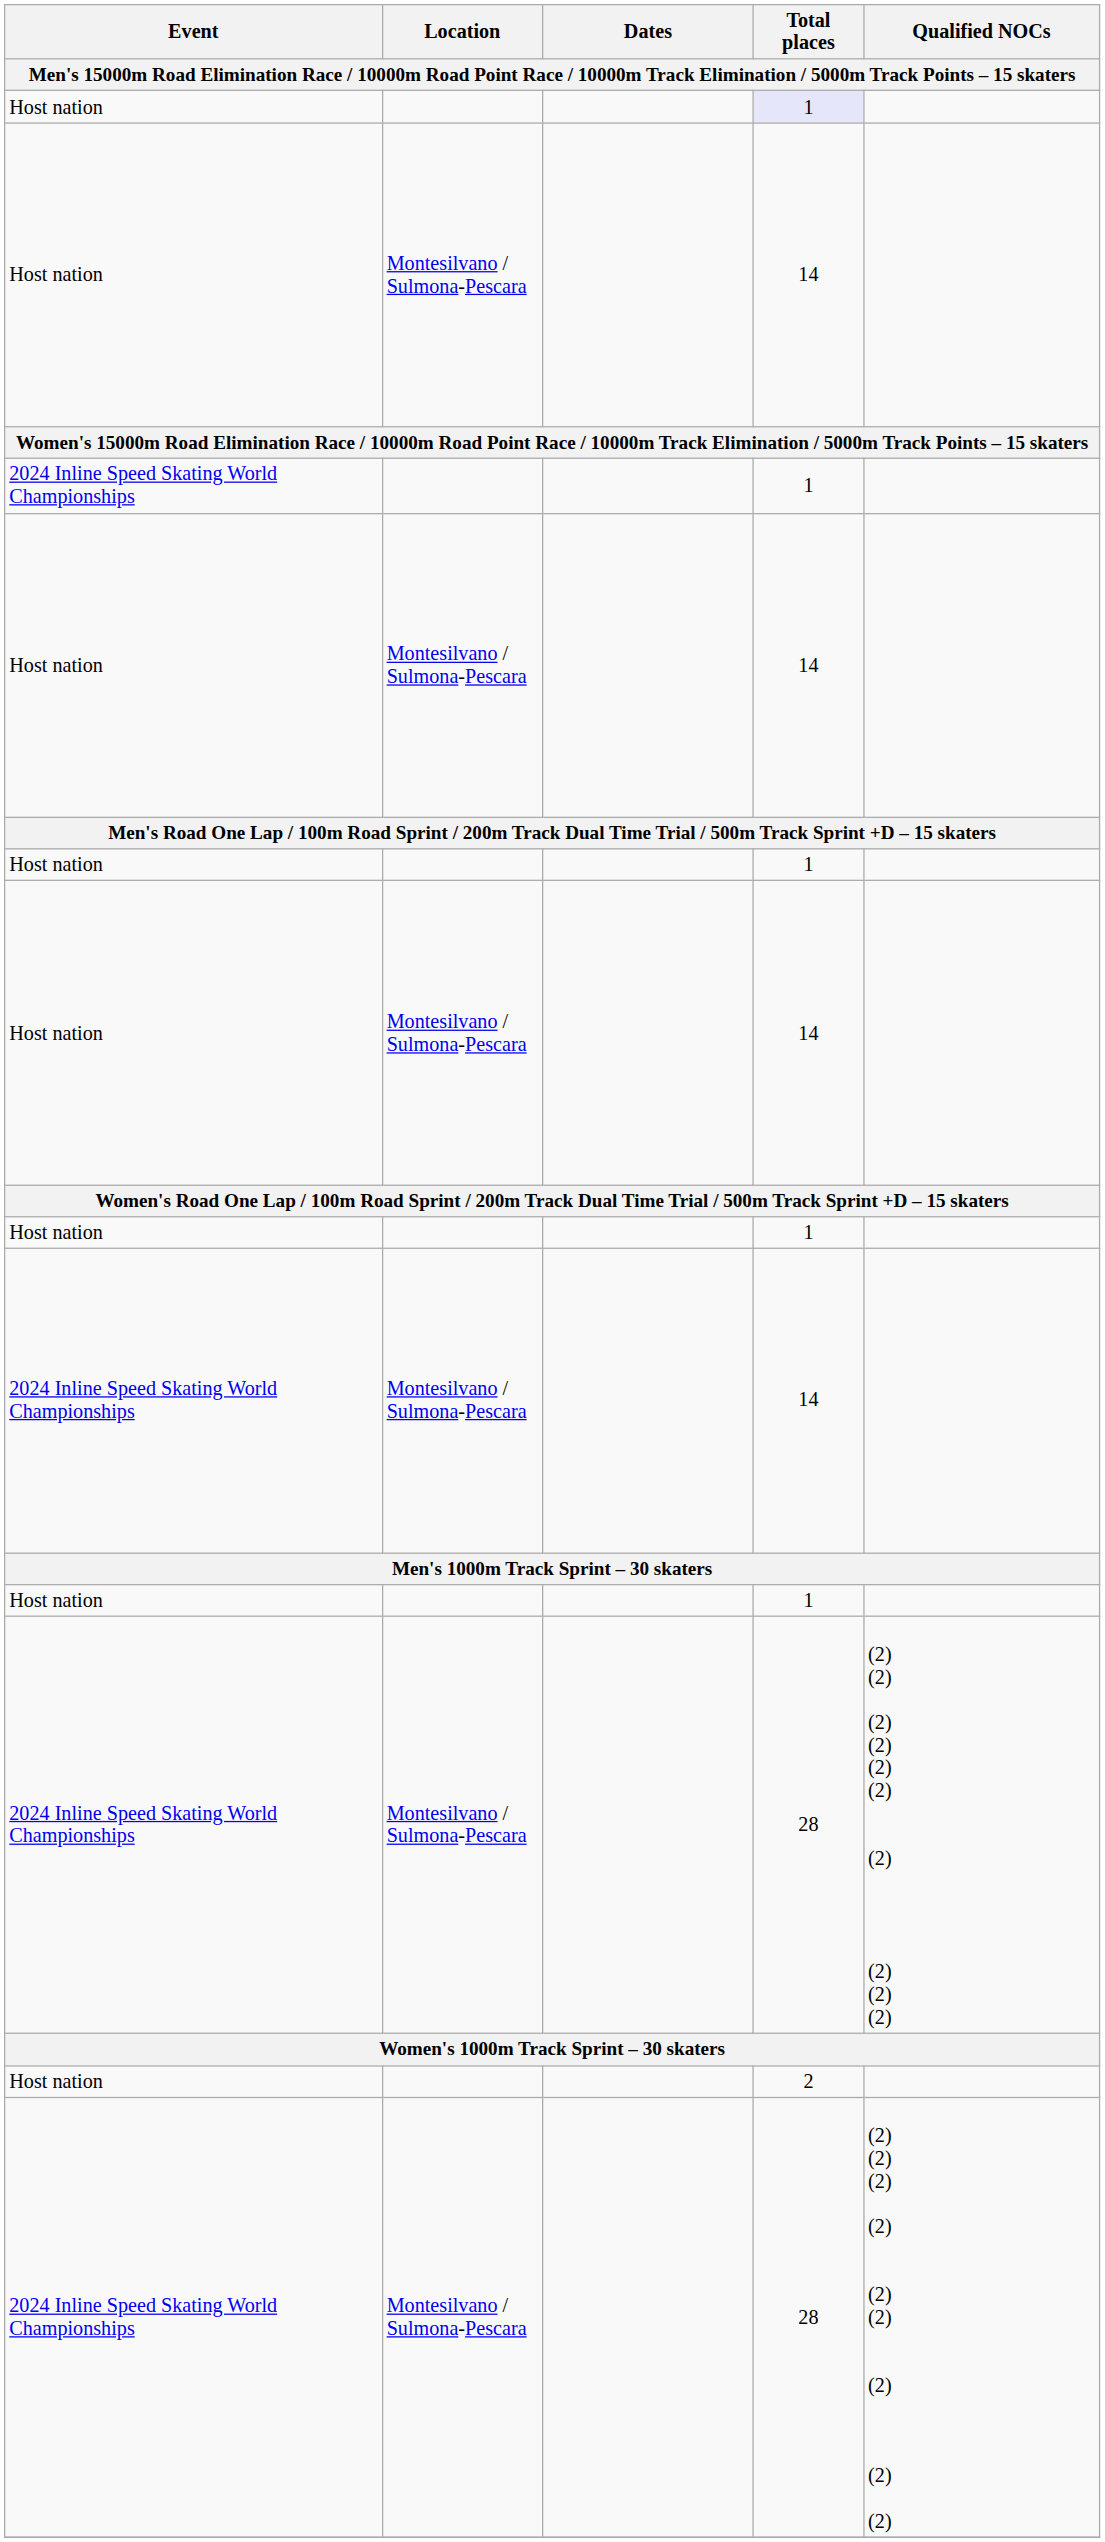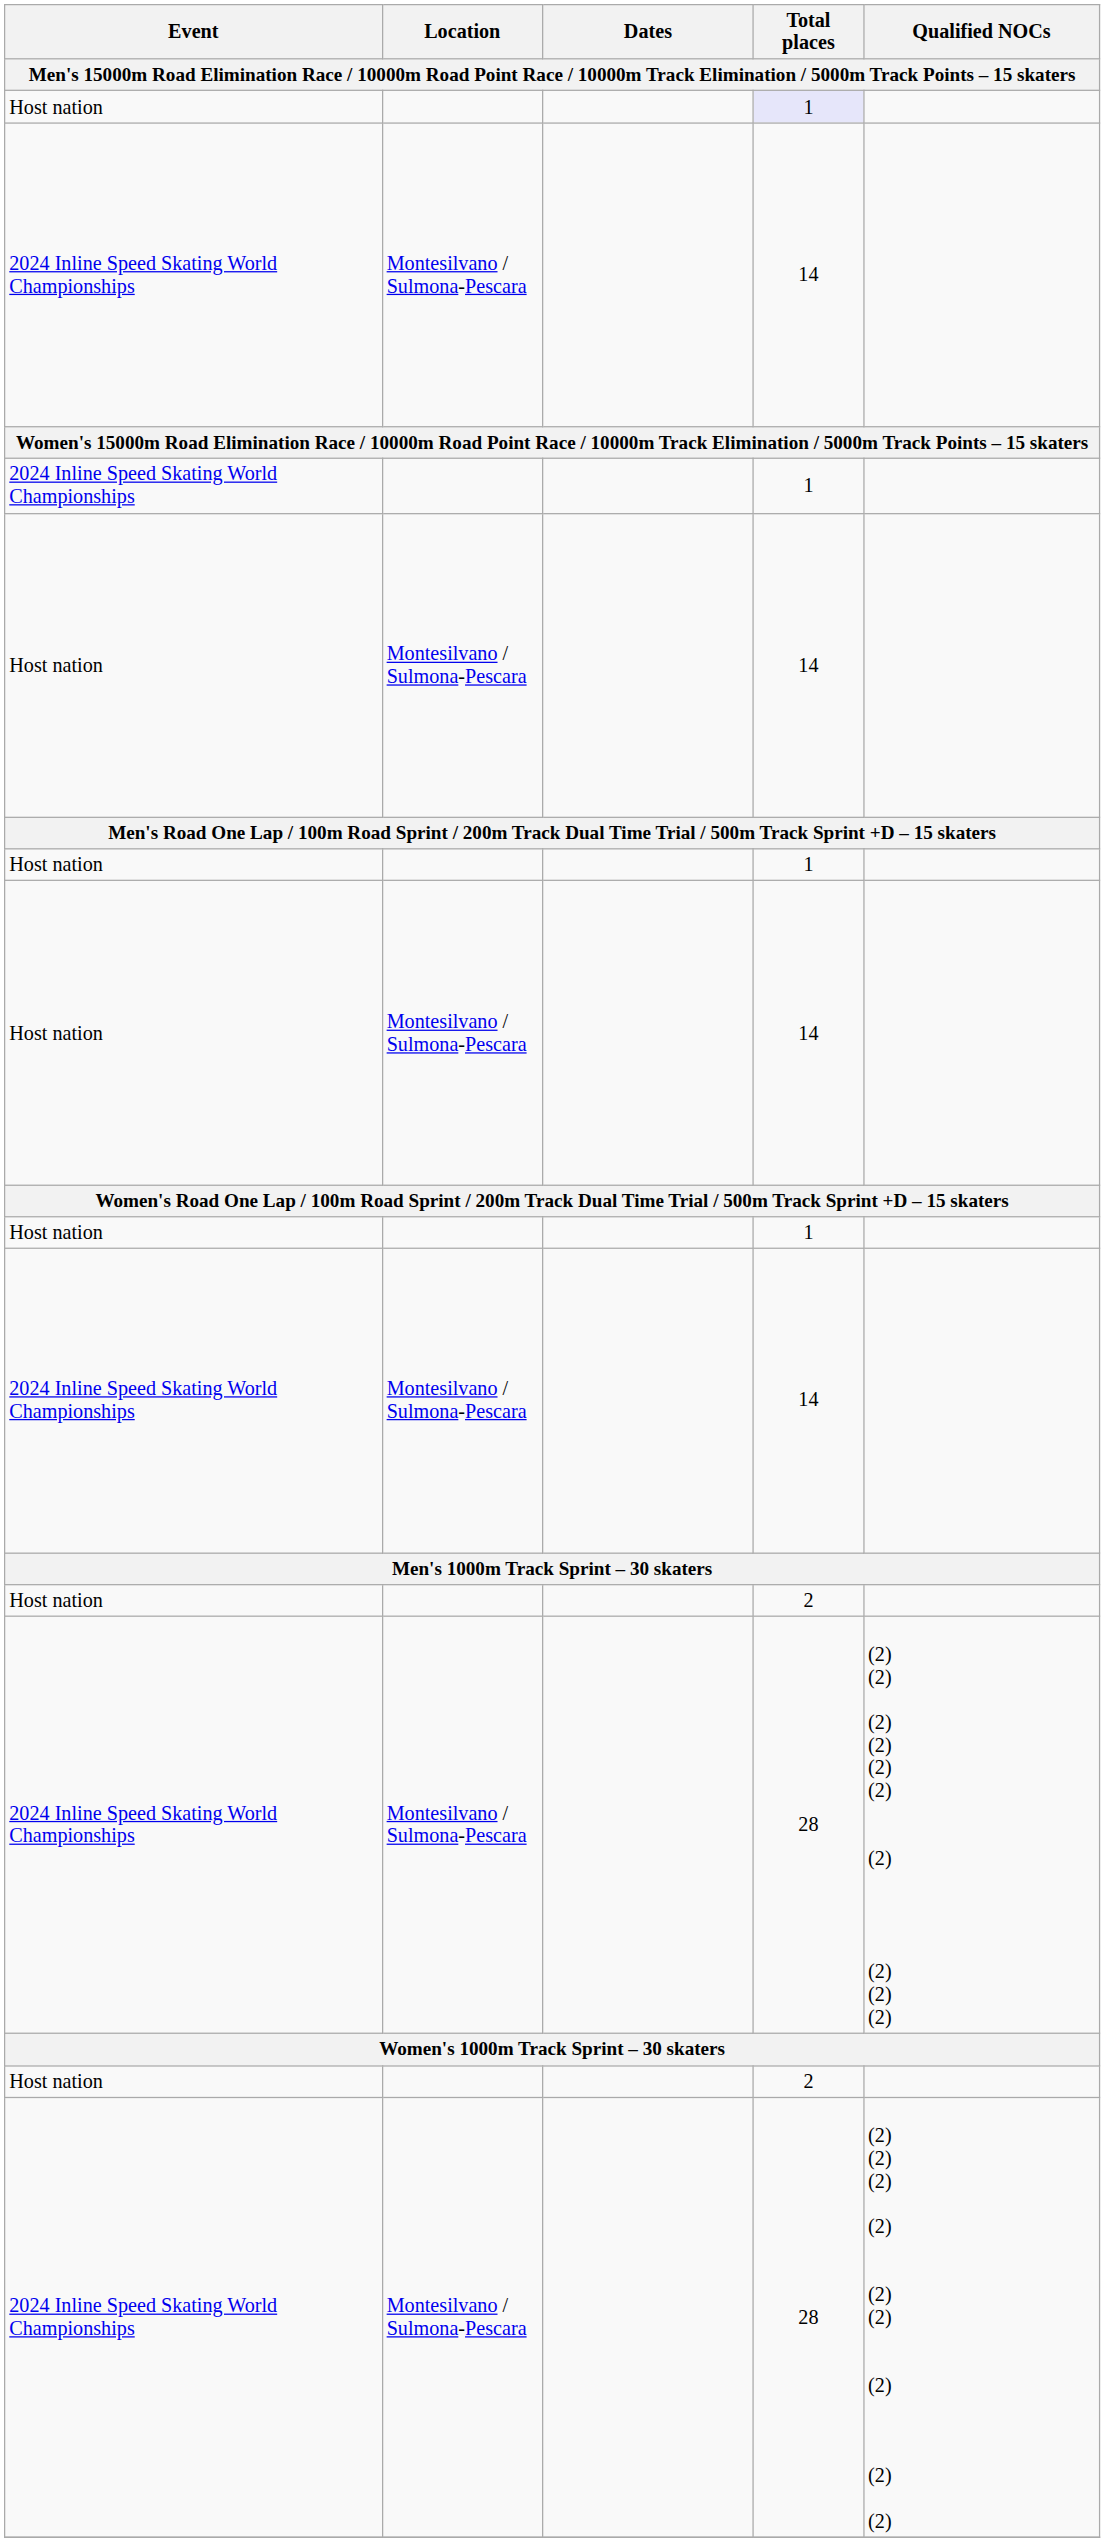 <table class="wikitable" width=870>
 <tr>
 <th>Event</th>
 <th width=120>Location</th>
 <th width=160>Dates</th>
 <th width=80>Total places</th>
 <th width=180>Qualified NOCs</th>
 </tr>
 <tr style="font-size:95%;">
 <th colspan=5>Men's 15000m Road Elimination Race / 10000m Road Point Race / 10000m Track Elimination / 5000m Track Points – 15 skaters</th>
 </tr>
 <tr>
 <td>Host nation</td>
 <td></td>
 <td></td>
 <td align="center" style="background: lavender;">1</td>
 <td></td>
 </tr>
 <tr>
-<td>Host nation</td>
+<td><a href='#'>2024 Inline Speed Skating World Championships</a></td>
 <td> <a href='#'>Montesilvano</a> / <a href='#'>Sulmona</a>-<a href='#'>Pescara</a></td>
 <td align="center"></td>
 <td align="center">14</td>
 <td><br><br><br><br><br><br><br><br><br><br><br><br><br></td>
 </tr>
 <tr style="font-size:95%;">
 <th colspan=5>Women's 15000m Road Elimination Race / 10000m Road Point Race / 10000m Track Elimination / 5000m Track Points – 15 skaters</th>
 </tr>
 <tr>
 <td><a href='#'>2024 Inline Speed Skating World Championships</a></td>
 <td></td>
 <td></td>
 <td align="center">1</td>
 <td></td>
 </tr>
 <tr>
 <td>Host nation</td>
 <td> <a href='#'>Montesilvano</a> / <a href='#'>Sulmona</a>-<a href='#'>Pescara</a></td>
 <td align="center"></td>
 <td align="center">14</td>
 <td><br><br><br><br><br><br><br><br><br><br><br><br><br></td>
 </tr>
 <tr style="font-size:95%;">
 <th colspan=5>Men's Road One Lap / 100m Road Sprint / 200m Track Dual Time Trial / 500m Track Sprint +D – 15 skaters</th>
 </tr>
 <tr>
 <td>Host nation</td>
 <td></td>
 <td></td>
 <td align="center">1</td>
 <td></td>
 </tr>
 <tr>
 <td>Host nation</td>
 <td> <a href='#'>Montesilvano</a> / <a href='#'>Sulmona</a>-<a href='#'>Pescara</a></td>
 <td align="center"></td>
 <td align="center">14</td>
 <td><br><br><br><br><br><br><br><br><br><br><br><br><br></td>
 </tr>
 <tr style="font-size:95%;">
 <th colspan=5>Women's Road One Lap / 100m Road Sprint / 200m Track Dual Time Trial / 500m Track Sprint +D – 15 skaters</th>
 </tr>
 <tr>
 <td>Host nation</td>
 <td></td>
 <td></td>
 <td align="center">1</td>
 <td></td>
 </tr>
 <tr>
 <td><a href='#'>2024 Inline Speed Skating World Championships</a></td>
 <td> <a href='#'>Montesilvano</a> / <a href='#'>Sulmona</a>-<a href='#'>Pescara</a></td>
 <td align="center"></td>
 <td align="center">14</td>
 <td><br><br><br><br><br><br><br><br><br><br><br><br><br></td>
 </tr>
 <tr style="font-size:95%;">
 <th colspan=5>Men's 1000m Track Sprint – 30 skaters</th>
 </tr>
 <tr>
 <td>Host nation</td>
 <td></td>
 <td></td>
-<td align="center">1</td>
+<td align="center">2</td>
 <td></td>
 </tr>
 <tr>
 <td><a href='#'>2024 Inline Speed Skating World Championships</a></td>
 <td> <a href='#'>Montesilvano</a> / <a href='#'>Sulmona</a>-<a href='#'>Pescara</a></td>
 <td align="center"></td>
 <td align="center">28</td>
 <td><br> (2)<br> (2)<br><br> (2)<br> (2)<br> (2)<br> (2)<br><br><br> (2)<br><br><br><br><br> (2)<br> (2)<br> (2)</td>
 </tr>
 <tr style="font-size:95%;">
 <th colspan=5>Women's 1000m Track Sprint – 30 skaters</th>
 </tr>
 <tr>
 <td>Host nation</td>
 <td></td>
 <td></td>
 <td align="center">2</td>
 <td></td>
 </tr>
 <tr>
 <td><a href='#'>2024 Inline Speed Skating World Championships</a></td>
 <td> <a href='#'>Montesilvano</a> / <a href='#'>Sulmona</a>-<a href='#'>Pescara</a></td>
 <td align="center"></td>
 <td align="center">28</td>
 <td><br> (2)<br> (2)<br> (2)<br><br> (2)<br><br><br> (2)<br> (2)<br><br><br> (2)<br><br><br><br> (2)<br><br> (2)</td>
 </tr>
 <tr>
 </tr>
 </table>
